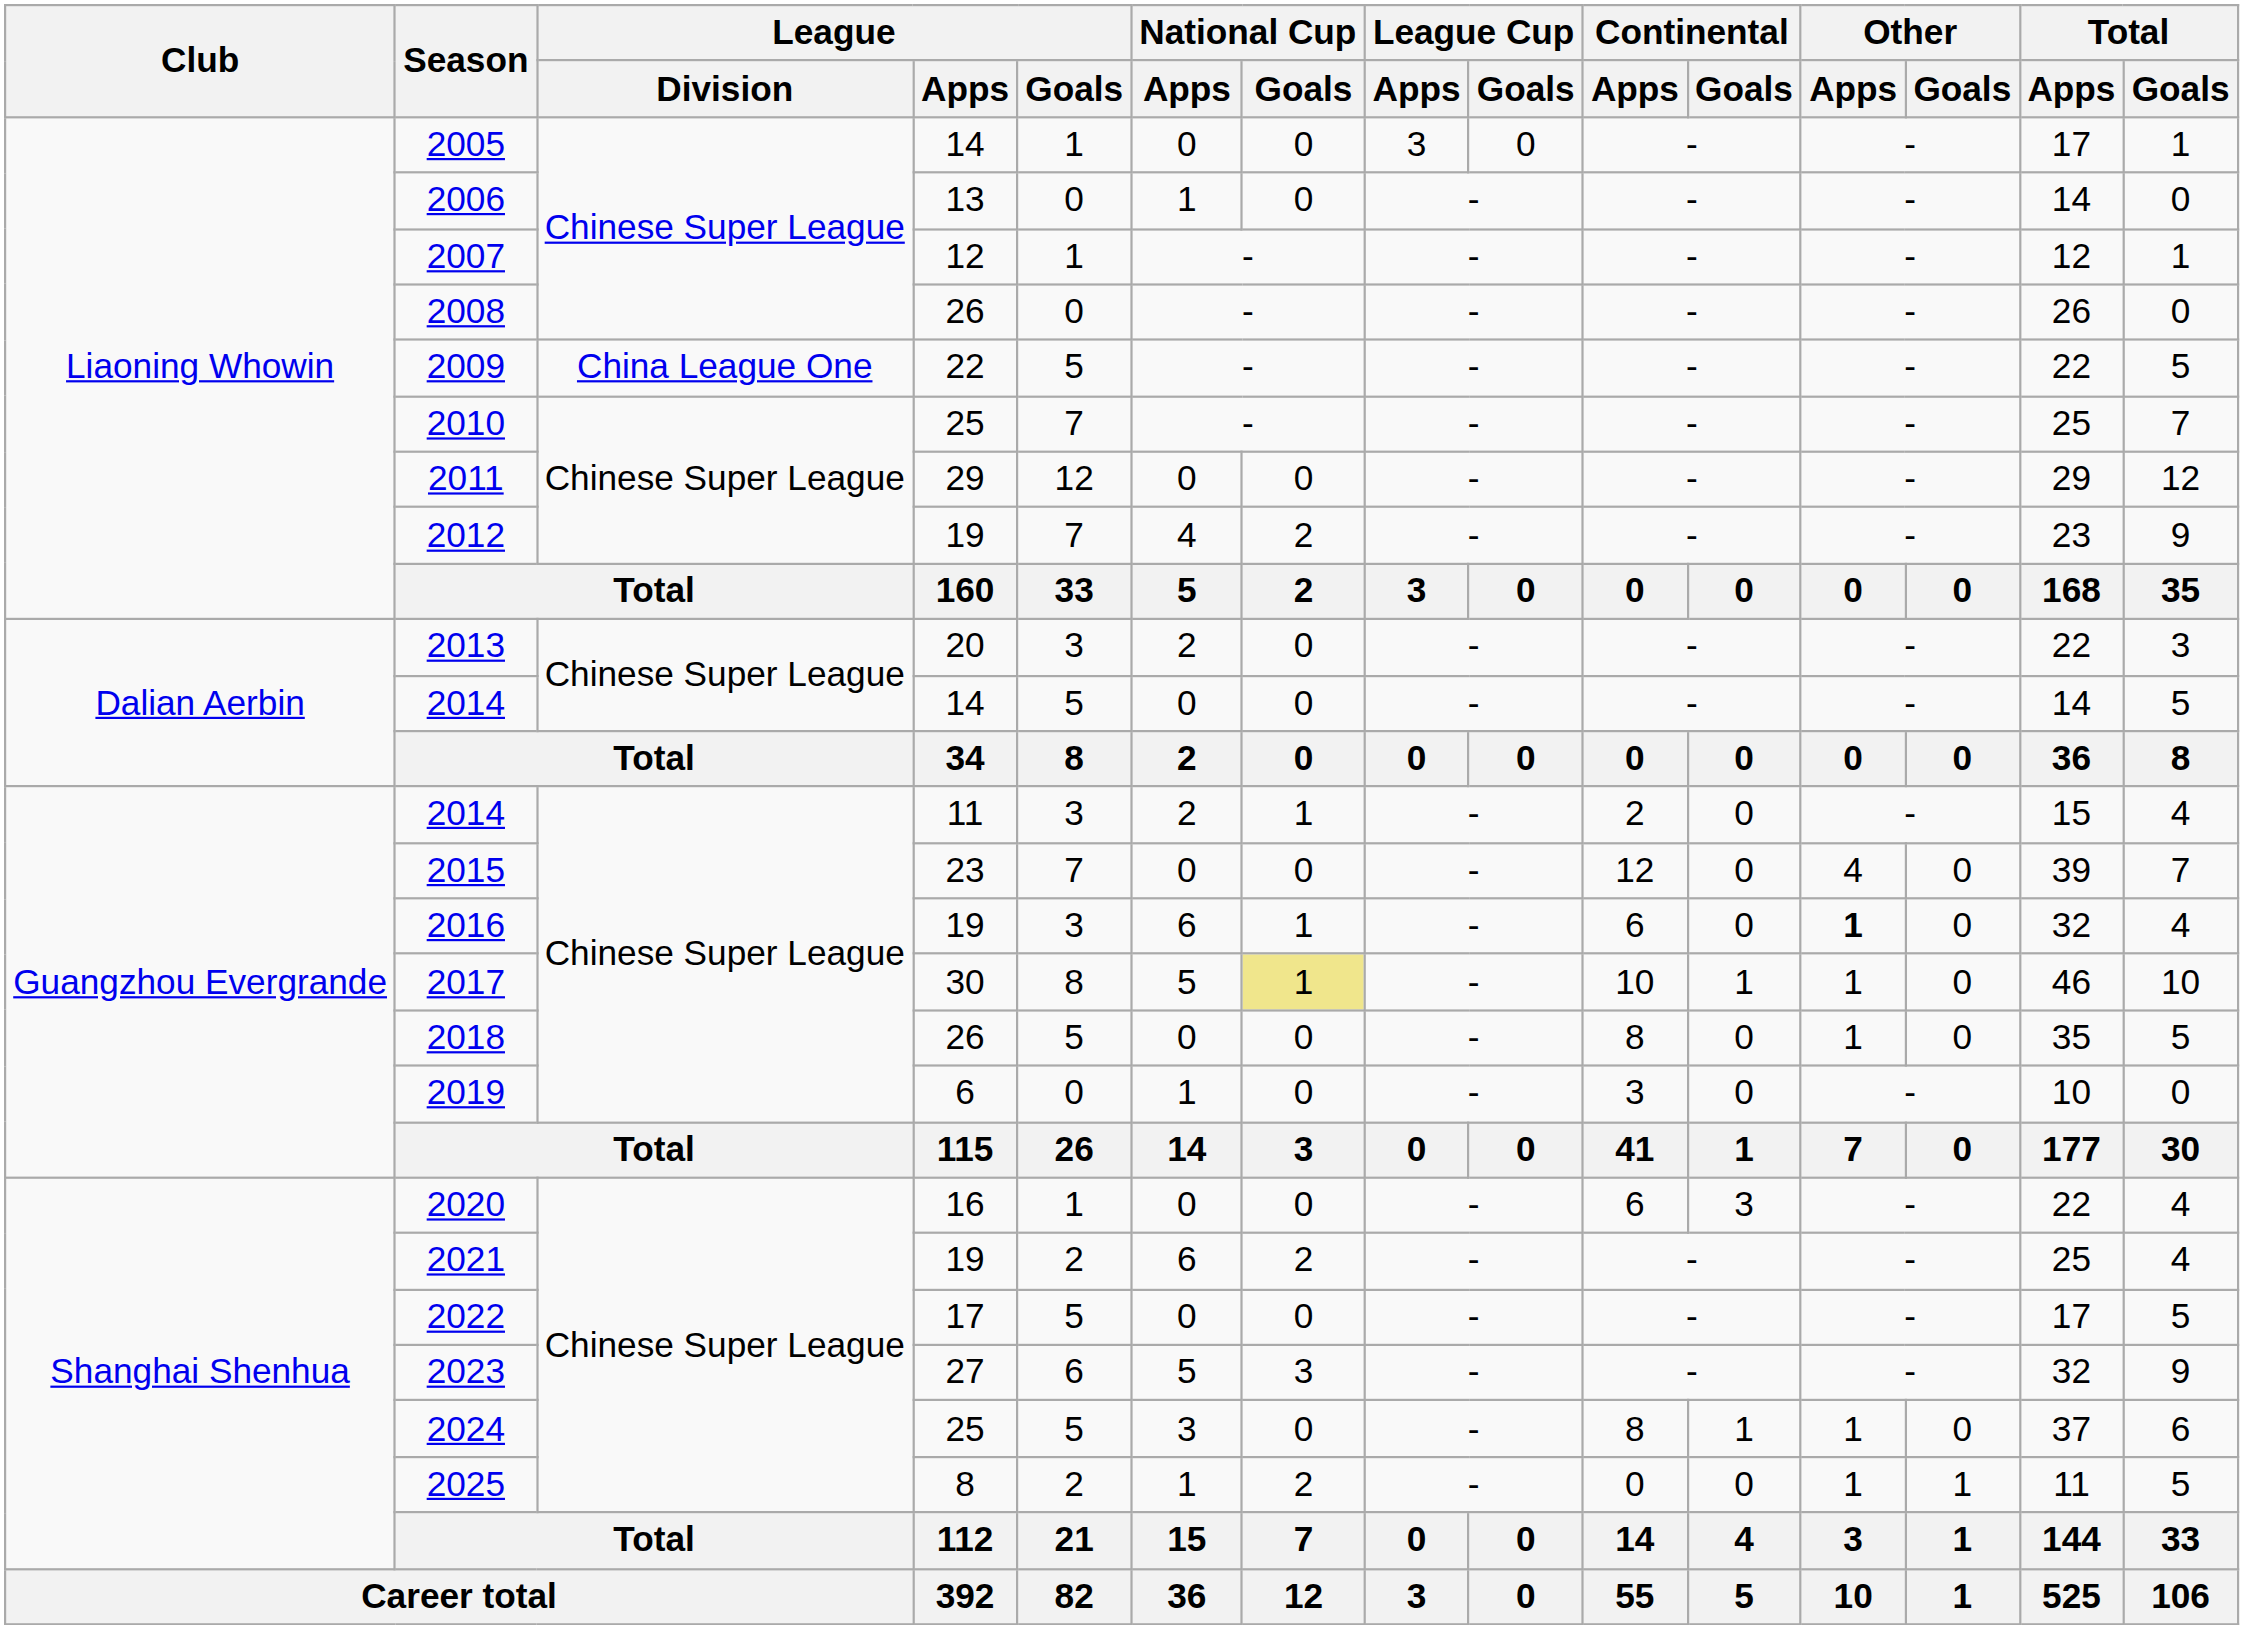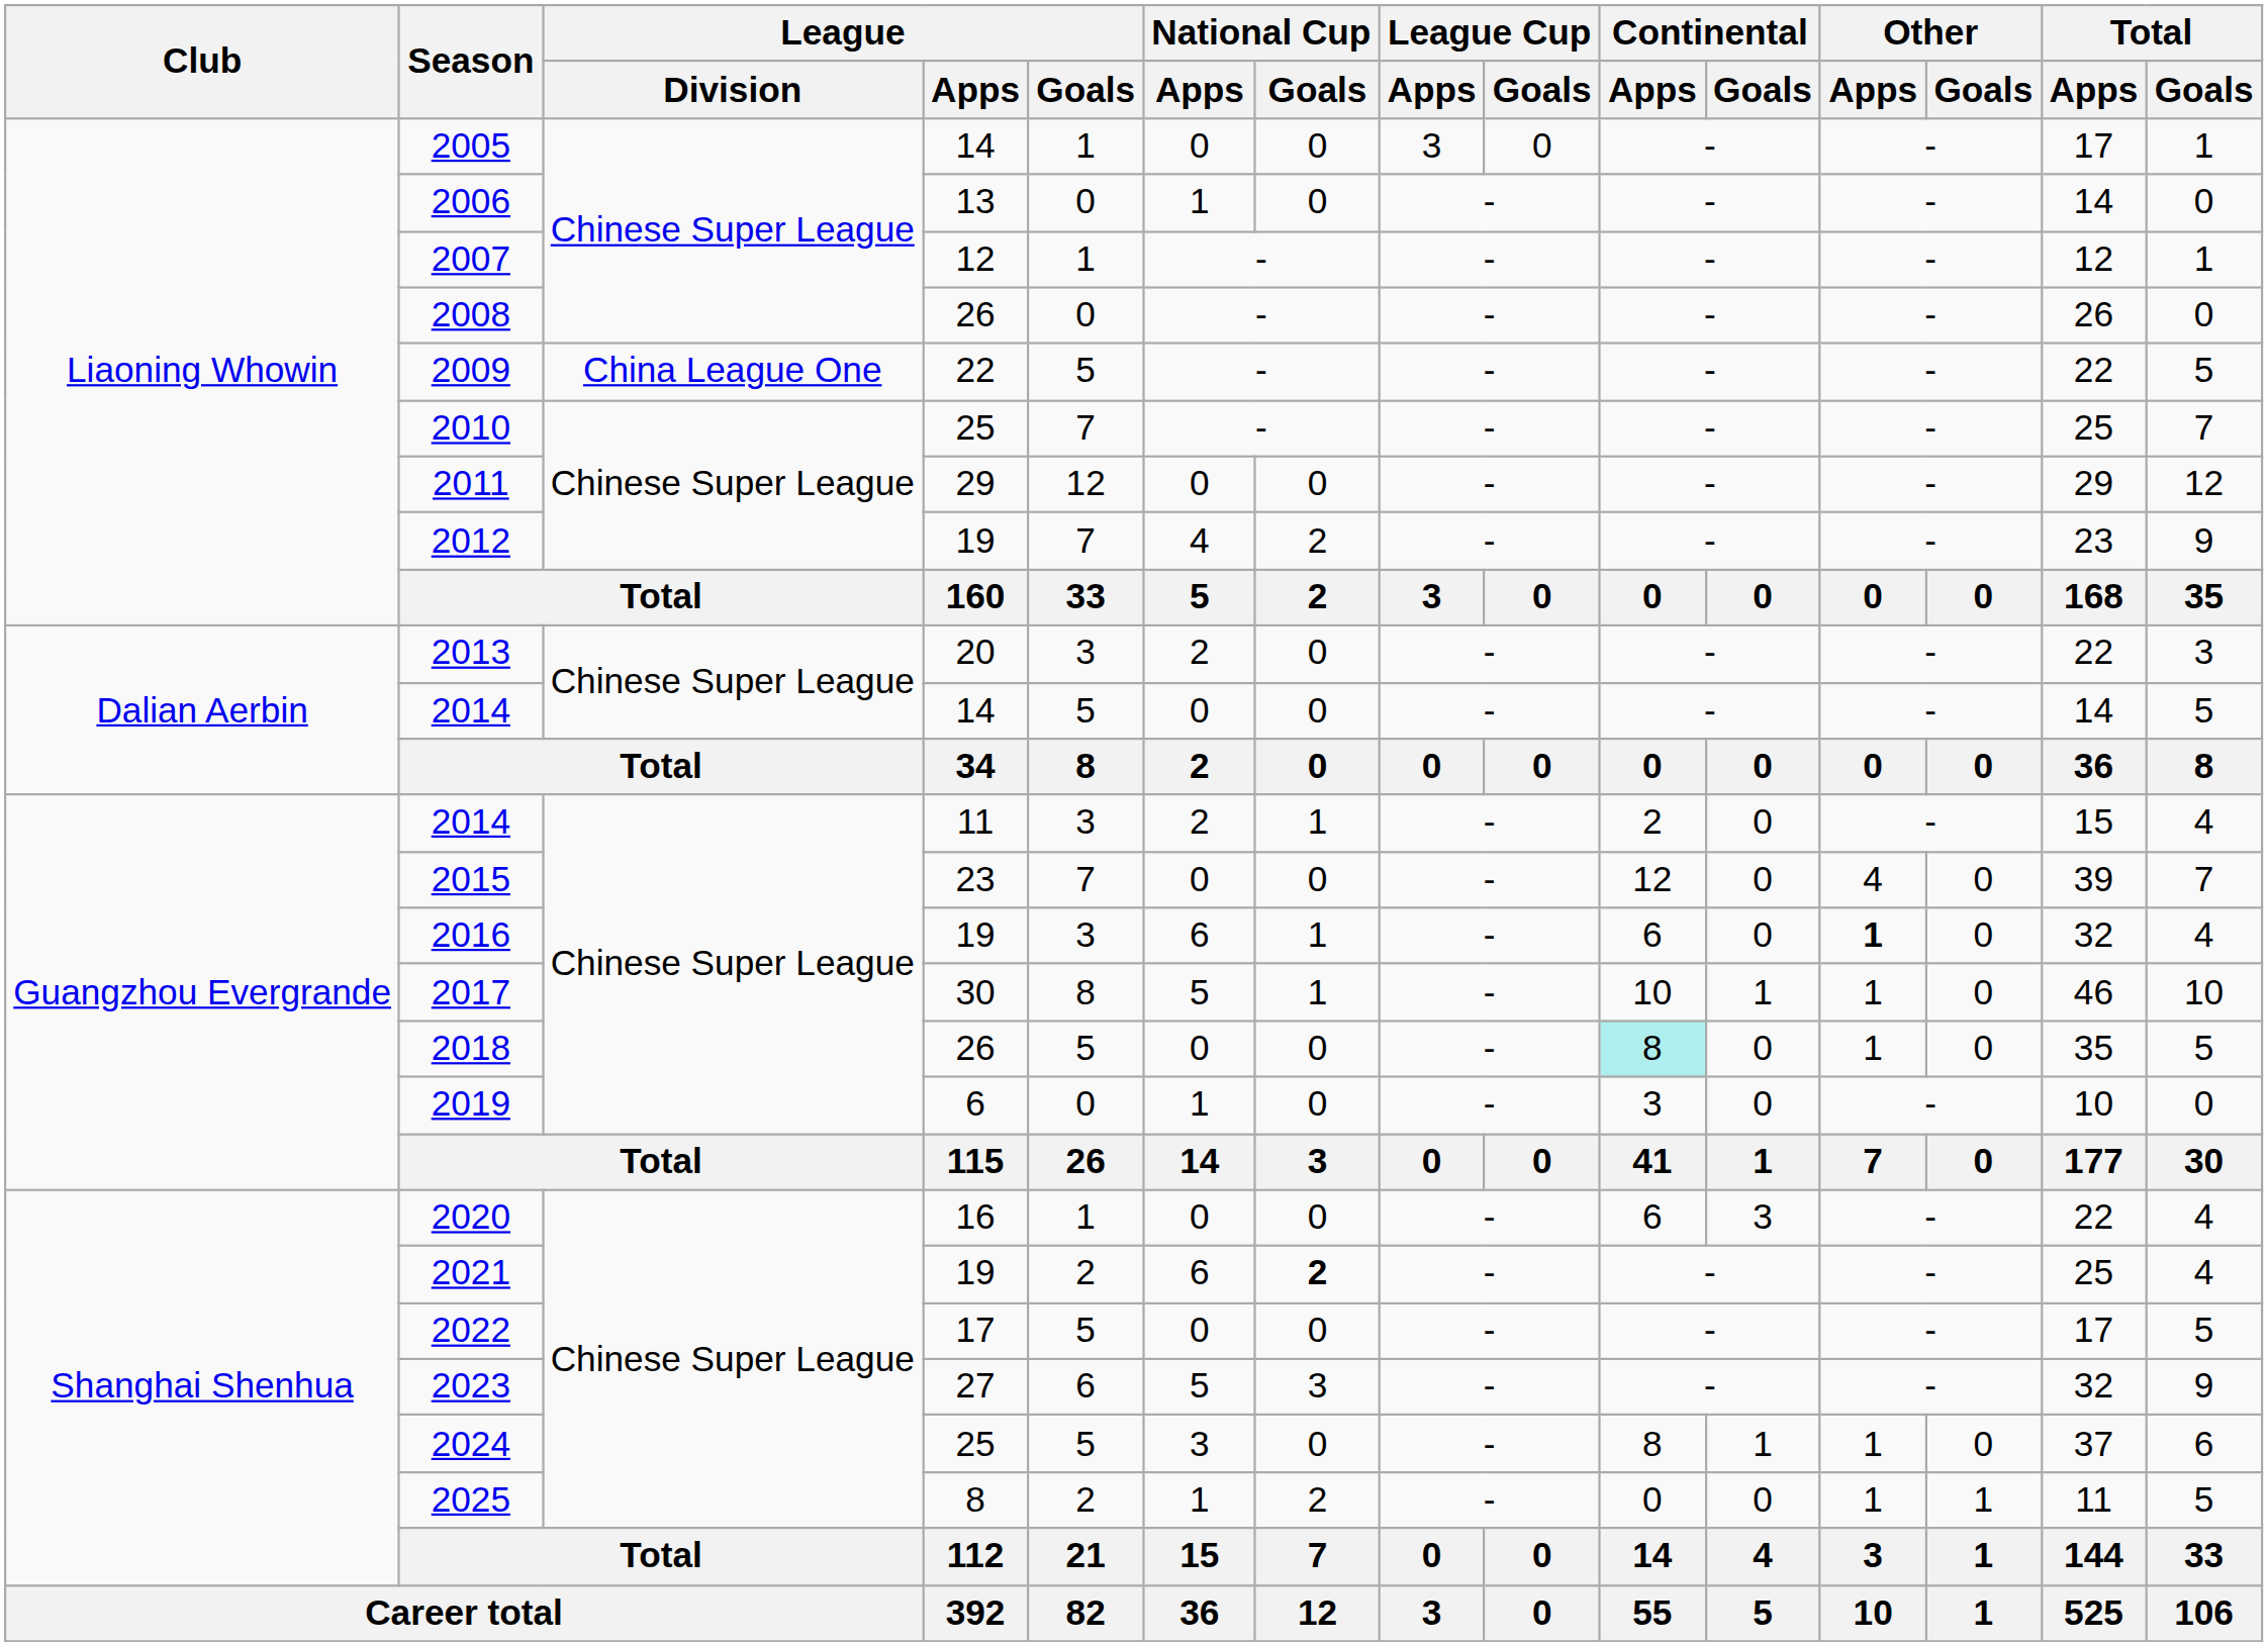 <table class="wikitable" style="text-align: center">
 <tr>
 <th rowspan="2">Club</th>
 <th rowspan="2">Season</th>
 <th colspan="3">League</th>
 <th colspan="2">National Cup</th>
 <th colspan="2">League Cup</th>
 <th colspan="2">Continental</th>
 <th colspan="2">Other</th>
 <th colspan="2">Total</th>
 </tr>
 <tr>
 <th>Division</th>
 <th>Apps</th>
 <th>Goals</th>
 <th>Apps</th>
 <th>Goals</th>
 <th>Apps</th>
 <th>Goals</th>
 <th>Apps</th>
 <th>Goals</th>
 <th>Apps</th>
 <th>Goals</th>
 <th>Apps</th>
 <th>Goals</th>
 </tr>
 <tr>
 <td rowspan="9"><a href='#'>Liaoning Whowin</a></td>
 <td><a href='#'>2005</a></td>
 <td rowspan="4"><a href='#'>Chinese Super League</a></td>
 <td>14</td>
 <td>1</td>
 <td>0</td>
 <td>0</td>
 <td>3</td>
 <td>0</td>
 <td colspan="2">-</td>
 <td colspan="2">-</td>
 <td>17</td>
 <td>1</td>
 </tr>
 <tr>
 <td><a href='#'>2006</a></td>
 <td>13</td>
 <td>0</td>
 <td>1</td>
 <td>0</td>
 <td colspan="2">-</td>
 <td colspan="2">-</td>
 <td colspan="2">-</td>
 <td>14</td>
 <td>0</td>
 </tr>
 <tr>
 <td><a href='#'>2007</a></td>
 <td>12</td>
 <td>1</td>
 <td colspan="2">-</td>
 <td colspan="2">-</td>
 <td colspan="2">-</td>
 <td colspan="2">-</td>
 <td>12</td>
 <td>1</td>
 </tr>
 <tr>
 <td><a href='#'>2008</a></td>
 <td>26</td>
 <td>0</td>
 <td colspan="2">-</td>
 <td colspan="2">-</td>
 <td colspan="2">-</td>
 <td colspan="2">-</td>
 <td>26</td>
 <td>0</td>
 </tr>
 <tr>
 <td><a href='#'>2009</a></td>
 <td><a href='#'>China League One</a></td>
 <td>22</td>
 <td>5</td>
 <td colspan="2">-</td>
 <td colspan="2">-</td>
 <td colspan="2">-</td>
 <td colspan="2">-</td>
 <td>22</td>
 <td>5</td>
 </tr>
 <tr>
 <td><a href='#'>2010</a></td>
 <td rowspan="3">Chinese Super League</td>
 <td>25</td>
 <td>7</td>
 <td colspan="2">-</td>
 <td colspan="2">-</td>
 <td colspan="2">-</td>
 <td colspan="2">-</td>
 <td>25</td>
 <td>7</td>
 </tr>
 <tr>
 <td><a href='#'>2011</a></td>
 <td>29</td>
 <td>12</td>
 <td>0</td>
 <td>0</td>
 <td colspan="2">-</td>
 <td colspan="2">-</td>
 <td colspan="2">-</td>
 <td>29</td>
 <td>12</td>
 </tr>
 <tr>
 <td><a href='#'>2012</a></td>
 <td>19</td>
 <td>7</td>
 <td>4</td>
 <td>2</td>
 <td colspan="2">-</td>
 <td colspan="2">-</td>
 <td colspan="2">-</td>
 <td>23</td>
 <td>9</td>
 </tr>
 <tr>
 <th colspan="2"><strong>Total</strong></th>
 <th>160</th>
 <th>33</th>
 <th>5</th>
 <th>2</th>
 <th>3</th>
 <th>0</th>
 <th>0</th>
 <th>0</th>
 <th>0</th>
 <th>0</th>
 <th>168</th>
 <th>35</th>
 </tr>
 <tr>
 <td rowspan="3"><a href='#'>Dalian Aerbin</a></td>
 <td><a href='#'>2013</a></td>
 <td rowspan="2">Chinese Super League</td>
 <td>20</td>
 <td>3</td>
 <td>2</td>
 <td>0</td>
 <td colspan="2">-</td>
 <td colspan="2">-</td>
 <td colspan="2">-</td>
 <td>22</td>
 <td>3</td>
 </tr>
 <tr>
 <td><a href='#'>2014</a></td>
 <td>14</td>
 <td>5</td>
 <td>0</td>
 <td>0</td>
 <td colspan="2">-</td>
 <td colspan="2">-</td>
 <td colspan="2">-</td>
 <td>14</td>
 <td>5</td>
 </tr>
 <tr>
 <th colspan="2"><strong>Total</strong></th>
 <th>34</th>
 <th>8</th>
 <th>2</th>
 <th>0</th>
 <th>0</th>
 <th>0</th>
 <th>0</th>
 <th>0</th>
 <th>0</th>
 <th>0</th>
 <th>36</th>
 <th>8</th>
 </tr>
 <tr>
 <td rowspan="7"><a href='#'>Guangzhou Evergrande</a></td>
 <td><a href='#'>2014</a></td>
 <td rowspan="6">Chinese Super League</td>
 <td>11</td>
 <td>3</td>
 <td>2</td>
 <td>1</td>
 <td colspan="2">-</td>
 <td>2</td>
 <td>0</td>
 <td colspan="2">-</td>
 <td>15</td>
 <td>4</td>
 </tr>
 <tr>
 <td><a href='#'>2015</a></td>
 <td>23</td>
 <td>7</td>
 <td>0</td>
 <td>0</td>
 <td colspan="2">-</td>
 <td>12</td>
 <td>0</td>
 <td>4</td>
 <td>0</td>
 <td>39</td>
 <td>7</td>
 </tr>
 <tr>
 <td><a href='#'>2016</a></td>
 <td>19</td>
 <td>3</td>
 <td>6</td>
 <td>1</td>
 <td colspan="2">-</td>
 <td>6</td>
 <td>0</td>
 <td><strong>1</strong></td>
 <td>0</td>
 <td>32</td>
 <td>4</td>
 </tr>
 <tr>
 <td><a href='#'>2017</a></td>
 <td>30</td>
 <td>8</td>
 <td>5</td>
-<td style="background: khaki;">1</td>
+<td>1</td>
 <td colspan="2">-</td>
 <td>10</td>
 <td>1</td>
 <td>1</td>
 <td>0</td>
 <td>46</td>
 <td>10</td>
 </tr>
 <tr>
 <td><a href='#'>2018</a></td>
 <td>26</td>
 <td>5</td>
 <td>0</td>
 <td>0</td>
 <td colspan="2">-</td>
-<td>8</td>
+<td style="background: paleturquoise;">8</td>
 <td>0</td>
 <td>1</td>
 <td>0</td>
 <td>35</td>
 <td>5</td>
 </tr>
 <tr>
 <td><a href='#'>2019</a></td>
 <td>6</td>
 <td>0</td>
 <td>1</td>
 <td>0</td>
 <td colspan="2">-</td>
 <td>3</td>
 <td>0</td>
 <td colspan="2">-</td>
 <td>10</td>
 <td>0</td>
 </tr>
 <tr>
 <th colspan="2"><strong>Total</strong></th>
 <th>115</th>
 <th>26</th>
 <th>14</th>
 <th>3</th>
 <th>0</th>
 <th>0</th>
 <th>41</th>
 <th>1</th>
 <th>7</th>
 <th>0</th>
 <th>177</th>
 <th>30</th>
 </tr>
 <tr>
 <td rowspan="7"><a href='#'>Shanghai Shenhua</a></td>
 <td><a href='#'>2020</a></td>
 <td rowspan="6">Chinese Super League</td>
 <td>16</td>
 <td>1</td>
 <td>0</td>
 <td>0</td>
 <td colspan="2">-</td>
 <td>6</td>
 <td>3</td>
 <td colspan="2">-</td>
 <td>22</td>
 <td>4</td>
 </tr>
 <tr>
 <td><a href='#'>2021</a></td>
 <td>19</td>
 <td>2</td>
 <td>6</td>
-<td>2</td>
+<td><strong>2</strong></td>
 <td colspan="2">-</td>
 <td colspan="2">-</td>
 <td colspan="2">-</td>
 <td>25</td>
 <td>4</td>
 </tr>
 <tr>
 <td><a href='#'>2022</a></td>
 <td>17</td>
 <td>5</td>
 <td>0</td>
 <td>0</td>
 <td colspan="2">-</td>
 <td colspan="2">-</td>
 <td colspan="2">-</td>
 <td>17</td>
 <td>5</td>
 </tr>
 <tr>
 <td><a href='#'>2023</a></td>
 <td>27</td>
 <td>6</td>
 <td>5</td>
 <td>3</td>
 <td colspan="2">-</td>
 <td colspan="2">-</td>
 <td colspan="2">-</td>
 <td>32</td>
 <td>9</td>
 </tr>
 <tr>
 <td><a href='#'>2024</a></td>
 <td>25</td>
 <td>5</td>
 <td>3</td>
 <td>0</td>
 <td colspan="2">-</td>
 <td>8</td>
 <td>1</td>
 <td>1</td>
 <td>0</td>
 <td>37</td>
 <td>6</td>
 </tr>
 <tr>
 <td><a href='#'>2025</a></td>
 <td>8</td>
 <td>2</td>
 <td>1</td>
 <td>2</td>
 <td colspan="2">-</td>
 <td>0</td>
 <td>0</td>
 <td>1</td>
 <td>1</td>
 <td>11</td>
 <td>5</td>
 </tr>
 <tr>
 <th colspan="2"><strong>Total</strong></th>
 <th>112</th>
 <th>21</th>
 <th>15</th>
 <th>7</th>
 <th>0</th>
 <th>0</th>
 <th>14</th>
 <th>4</th>
 <th>3</th>
 <th>1</th>
 <th>144</th>
 <th>33</th>
 </tr>
 <tr>
 <th colspan=3>Career total</th>
 <th>392</th>
 <th>82</th>
 <th>36</th>
 <th>12</th>
 <th>3</th>
 <th>0</th>
 <th>55</th>
 <th>5</th>
 <th>10</th>
 <th>1</th>
 <th>525</th>
 <th>106</th>
 </tr>
 </table>
